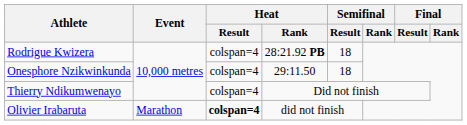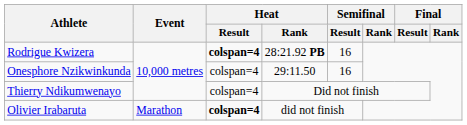 <table class="wikitable" style="font-size:90%">
 <tr>
 <th rowspan="2">Athlete</th>
 <th rowspan="2">Event</th>
 <th colspan="2">Heat</th>
 <th colspan="2">Semifinal</th>
 <th colspan="2">Final</th>
 </tr>
 <tr style="font-size:95%">
 <th>Result</th>
 <th>Rank</th>
 <th>Result</th>
 <th>Rank</th>
 <th>Result</th>
 <th>Rank</th>
 </tr>
 <tr style=text-align:center>
 <td style=text-align:left><a href='#'>Rodrigue Kwizera</a></td>
 <td style=text-align:left rowspan=3><a href='#'>10,000 metres</a></td>
-<td>colspan=4 </td>
+<td><strong>colspan=4 </strong></td>
 <td>28:21.92 <strong>PB</strong></td>
-<td>18</td>
+<td>16</td>
 </tr>
 <tr style=text-align:center>
 <td style=text-align:left><a href='#'>Onesphore Nzikwinkunda</a></td>
 <td>colspan=4 </td>
 <td>29:11.50</td>
-<td>18</td>
+<td>16</td>
 </tr>
 <tr style=text-align:center>
 <td style=text-align:left><a href='#'>Thierry Ndikumwenayo</a></td>
 <td>colspan=4 </td>
 <td colspan=4>Did not finish</td>
 </tr>
 <tr style=text-align:center>
 <td style=text-align:left><a href='#'>Olivier Irabaruta</a></td>
 <td style=text-align:left><a href='#'>Marathon</a></td>
 <td><strong>colspan=4 </strong></td>
 <td colspan=2>did not finish</td>
 </tr>
 </table>
